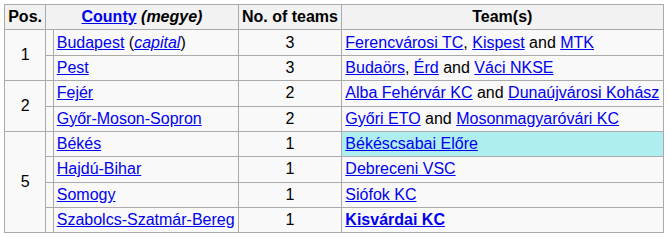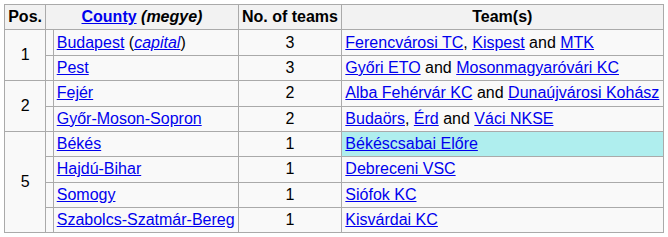 <table class="wikitable">
 <tr>
 <th>Pos.</th>
 <th colspan=2><a href='#'>County</a> <em>(megye)</em></th>
 <th>No. of teams</th>
 <th>Team(s)</th>
 </tr>
 <tr>
 <td rowspan="2" align="center">1</td>
 <td align=center></td>
 <td><a href='#'>Budapest</a> (<em><a href='#'>capital</a></em>)</td>
 <td align="center">3</td>
 <td><a href='#'>Ferencvárosi TC</a>, <a href='#'>Kispest</a> and <a href='#'>MTK</a></td>
 </tr>
 <tr>
 <td align=center></td>
 <td><a href='#'>Pest</a></td>
 <td align="center">3</td>
-<td><a href='#'>Budaörs</a>, <a href='#'>Érd</a> and <a href='#'>Váci NKSE</a></td>
+<td><a href='#'>Győri ETO</a> and <a href='#'>Mosonmagyaróvári KC</a></td>
 </tr>
 <tr>
 <td rowspan="2" align="center">2</td>
 <td align=center></td>
 <td><a href='#'>Fejér</a></td>
 <td align="center">2</td>
 <td><a href='#'>Alba Fehérvár KC</a> and <a href='#'>Dunaújvárosi Kohász</a></td>
 </tr>
 <tr>
 <td align=center></td>
 <td><a href='#'>Győr-Moson-Sopron</a></td>
 <td align="center">2</td>
-<td><a href='#'>Győri ETO</a> and <a href='#'>Mosonmagyaróvári KC</a></td>
+<td><a href='#'>Budaörs</a>, <a href='#'>Érd</a> and <a href='#'>Váci NKSE</a></td>
 </tr>
 <tr>
 <td rowspan="4" align="center">5</td>
 <td align=center></td>
 <td><a href='#'>Békés</a></td>
 <td align="center">1</td>
 <td style="background: paleturquoise;"><a href='#'>Békéscsabai Előre</a></td>
 </tr>
 <tr>
 <td align=center></td>
 <td><a href='#'>Hajdú-Bihar</a></td>
 <td align="center">1</td>
 <td><a href='#'>Debreceni VSC</a></td>
 </tr>
 <tr>
 <td align=center></td>
 <td><a href='#'>Somogy</a></td>
 <td align="center">1</td>
 <td><a href='#'>Siófok KC</a></td>
 </tr>
 <tr>
 <td align=center></td>
 <td><a href='#'>Szabolcs-Szatmár-Bereg</a></td>
 <td align="center">1</td>
-<td><strong><a href='#'>Kisvárdai KC</a></strong></td>
+<td><a href='#'>Kisvárdai KC</a></td>
 </tr>
 </table>
